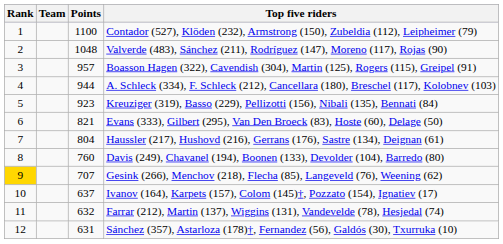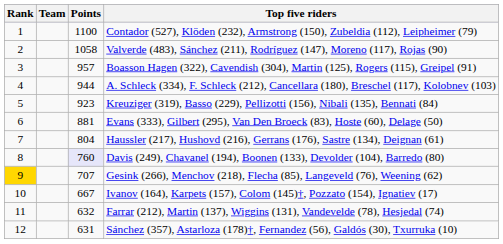 <table class="wikitable">
 <tr style="background:#ccccff;">
 <th>Rank</th>
 <th>Team</th>
 <th>Points</th>
 <th>Top five riders</th>
 </tr>
 <tr>
 <td align=center>1</td>
 <td></td>
 <td align=center>1100</td>
 <td><a href='#'>Contador</a> (527), <a href='#'>Klöden</a> (232), <a href='#'>Armstrong</a> (150), <a href='#'>Zubeldia</a> (112), <a href='#'>Leipheimer</a> (79)</td>
 </tr>
 <tr>
 <td align=center>2</td>
 <td></td>
-<td align=center>1048</td>
+<td align=center>1058</td>
 <td><a href='#'>Valverde</a> (483), <a href='#'>Sánchez</a> (211), <a href='#'>Rodríguez</a> (147), <a href='#'>Moreno</a> (117), <a href='#'>Rojas</a> (90)</td>
 </tr>
 <tr>
 <td align=center>3</td>
 <td></td>
 <td align=center>957</td>
 <td><a href='#'>Boasson Hagen</a> (322), <a href='#'>Cavendish</a> (304), <a href='#'>Martin</a> (125), <a href='#'>Rogers</a> (115), <a href='#'>Greipel</a> (91)</td>
 </tr>
 <tr>
 <td align=center>4</td>
 <td></td>
 <td align=center>944</td>
 <td><a href='#'>A. Schleck</a> (334), <a href='#'>F. Schleck</a> (212), <a href='#'>Cancellara</a> (180), <a href='#'>Breschel</a> (117), <a href='#'>Kolobnev</a> (103)</td>
 </tr>
 <tr>
 <td align=center>5</td>
 <td></td>
 <td align=center>923</td>
 <td><a href='#'>Kreuziger</a> (319), <a href='#'>Basso</a> (229), <a href='#'>Pellizotti</a> (156), <a href='#'>Nibali</a> (135), <a href='#'>Bennati</a> (84)</td>
 </tr>
 <tr>
 <td align=center>6</td>
 <td></td>
-<td align=center>821</td>
+<td align=center>881</td>
 <td><a href='#'>Evans</a> (333), <a href='#'>Gilbert</a> (295), <a href='#'>Van Den Broeck</a> (83), <a href='#'>Hoste</a> (60), <a href='#'>Delage</a> (50)</td>
 </tr>
 <tr>
 <td align=center>7</td>
 <td></td>
 <td align=center>804</td>
 <td><a href='#'>Haussler</a> (217), <a href='#'>Hushovd</a> (216), <a href='#'>Gerrans</a> (176), <a href='#'>Sastre</a> (134), <a href='#'>Deignan</a> (61)</td>
 </tr>
 <tr>
 <td align=center>8</td>
 <td></td>
-<td align=center>760</td>
+<td align=center style="background: lavender;">760</td>
 <td><a href='#'>Davis</a> (249), <a href='#'>Chavanel</a> (194), <a href='#'>Boonen</a> (133), <a href='#'>Devolder</a> (104), <a href='#'>Barredo</a> (80)</td>
 </tr>
 <tr>
 <td align=center style="background: gold;">9</td>
 <td></td>
 <td align=center>707</td>
 <td><a href='#'>Gesink</a> (266), <a href='#'>Menchov</a> (218), <a href='#'>Flecha</a> (85), <a href='#'>Langeveld</a> (76), <a href='#'>Weening</a> (62)</td>
 </tr>
 <tr>
 <td align=center>10</td>
 <td></td>
-<td align=center>637</td>
+<td align=center>667</td>
 <td><a href='#'>Ivanov</a> (164), <a href='#'>Karpets</a> (157), <a href='#'>Colom</a> (145)<a href='#'>†</a>, <a href='#'>Pozzato</a> (154), <a href='#'>Ignatiev</a> (17)</td>
 </tr>
 <tr>
 <td align=center>11</td>
 <td></td>
 <td align=center>632</td>
 <td><a href='#'>Farrar</a> (212), <a href='#'>Martin</a> (137), <a href='#'>Wiggins</a> (131), <a href='#'>Vandevelde</a> (78), <a href='#'>Hesjedal</a> (74)</td>
 </tr>
 <tr>
 <td align=center>12</td>
 <td></td>
 <td align=center>631</td>
 <td><a href='#'>Sánchez</a> (357), <a href='#'>Astarloza</a> (178)<a href='#'>†</a>, <a href='#'>Fernandez</a> (56), <a href='#'>Galdós</a> (30), <a href='#'>Txurruka</a> (10)</td>
 </tr>
 </table>
